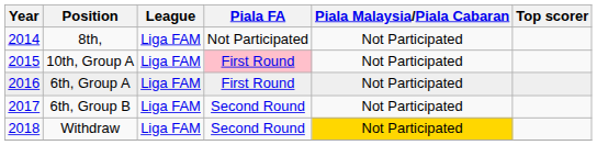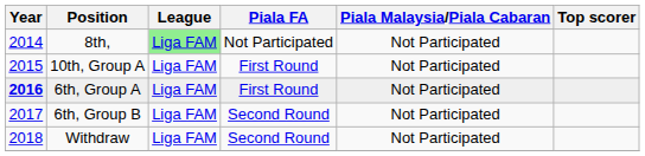 <table class="wikitable float-right">
 <tr>
 <th>Year</th>
 <th>Position</th>
 <th>League</th>
 <th><a href='#'>Piala FA</a></th>
 <th><a href='#'>Piala Malaysia</a>/<a href='#'>Piala Cabaran</a></th>
 <th>Top scorer</th>
 </tr>
 <tr>
 <td><a href='#'>2014</a></td>
 <td style="vertical-align:middle; text-align:center;">8th,</td>
-<td style="vertical-align:middle; text-align:centre;"><a href='#'>Liga FAM</a></td>
+<td style="background: lightgreen; vertical-align:middle; text-align:centre;"><a href='#'>Liga FAM</a></td>
 <td style="vertical-align:middle; text-align:center;">Not Participated</td>
 <td style="vertical-align:middle; text-align:center;">Not Participated</td>
 <td style="vertical-align:middle; text-align:center;"></td>
 </tr>
 <tr>
 <td><a href='#'>2015</a></td>
 <td style="vertical-align:middle; text-align:center;">10th, Group A</td>
 <td style="vertical-align:middle; text-align:centre;"><a href='#'>Liga FAM</a></td>
-<td style="background: pink; vertical-align:middle; text-align:center;"><a href='#'>First Round</a></td>
+<td style="vertical-align:middle; text-align:center;"><a href='#'>First Round</a></td>
 <td style="vertical-align:middle; text-align:center;">Not Participated</td>
 <td style="vertical-align:middle; text-align:center;"></td>
 </tr>
 <tr style="background:#efefef;">
-<td><a href='#'>2016</a></td>
+<td><strong><a href='#'>2016</a></strong></td>
 <td style="vertical-align:middle; text-align:center;">6th, Group A</td>
 <td style="vertical-align:middle; text-align:centre;"><a href='#'>Liga FAM</a></td>
 <td style="vertical-align:middle; text-align:center;"><a href='#'>First Round</a></td>
 <td style="vertical-align:middle; text-align:center;">Not Participated</td>
 <td style="vertical-align:middle; text-align:center;"></td>
 </tr>
 <tr>
 <td><a href='#'>2017</a></td>
 <td style="vertical-align:middle; text-align:center;">6th, Group B</td>
 <td style="vertical-align:middle; text-align:centre;"><a href='#'>Liga FAM</a></td>
 <td style="vertical-align:middle; text-align:center;"><a href='#'>Second Round</a></td>
 <td style="vertical-align:middle; text-align:center;">Not Participated</td>
 <td style="vertical-align:middle; text-align:center;"></td>
 </tr>
 <tr>
 <td><a href='#'>2018</a></td>
 <td style="vertical-align:middle; text-align:center;">Withdraw</td>
 <td style="vertical-align:middle; text-align:centre;"><a href='#'>Liga FAM</a></td>
 <td style="vertical-align:middle; text-align:center;"><a href='#'>Second Round</a></td>
-<td style="background: gold; vertical-align:middle; text-align:center;">Not Participated</td>
+<td style="vertical-align:middle; text-align:center;">Not Participated</td>
 <td style="vertical-align:middle; text-align:center;"></td>
 </tr>
 <tr>
 </tr>
 </table>
